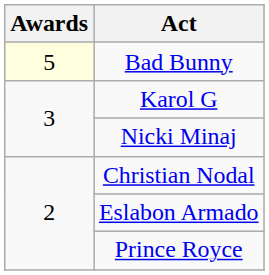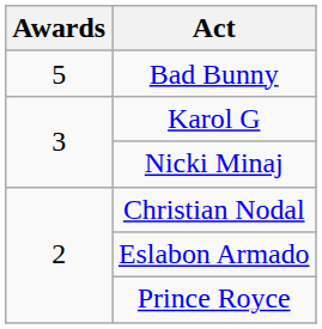 <table class="wikitable" rowspan="2" style="text-align:center;">
 <tr>
 <th scope="col">Awards</th>
 <th scope="col">Act</th>
 </tr>
 <tr>
-<td style="background: lightyellow;">5</td>
+<td>5</td>
 <td><a href='#'>Bad Bunny</a></td>
 </tr>
 <tr>
 <td rowspan="2">3</td>
 <td><a href='#'>Karol G</a></td>
 </tr>
 <tr>
 <td><a href='#'>Nicki Minaj</a></td>
 </tr>
 <tr>
 <td rowspan="3">2</td>
 <td><a href='#'>Christian Nodal</a></td>
 </tr>
 <tr>
 <td><a href='#'>Eslabon Armado</a></td>
 </tr>
 <tr>
 <td><a href='#'>Prince Royce</a></td>
 </tr>
 </table>
